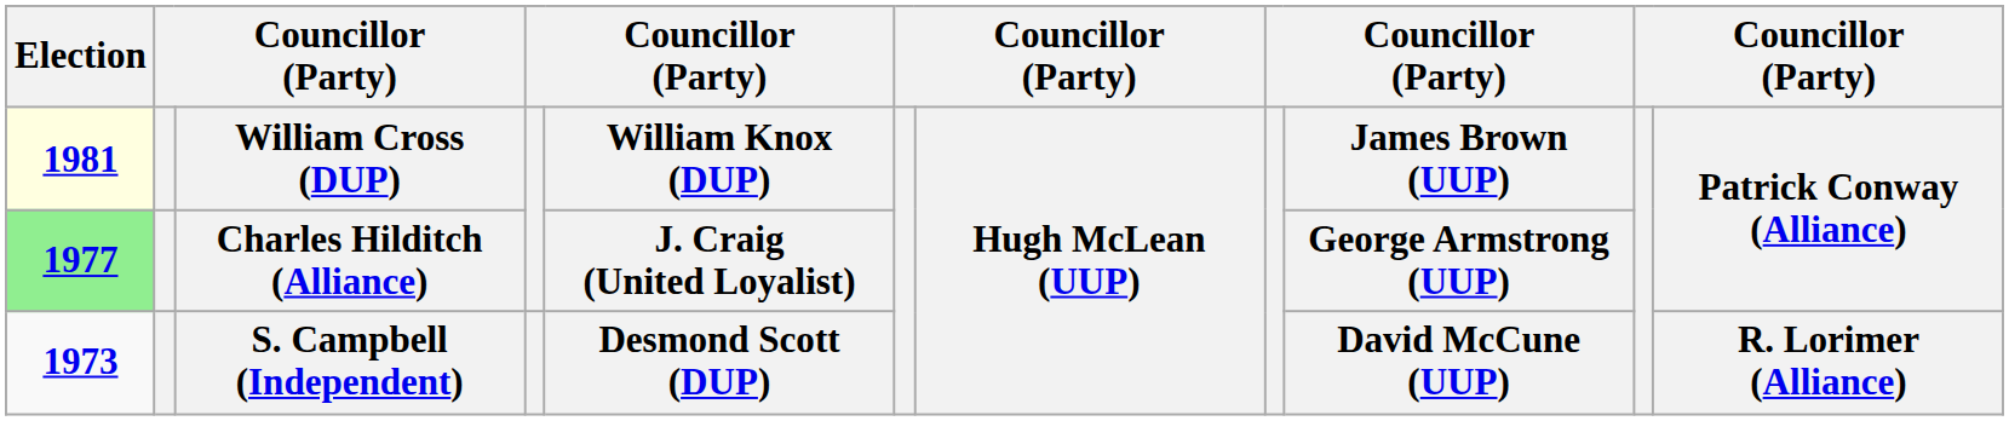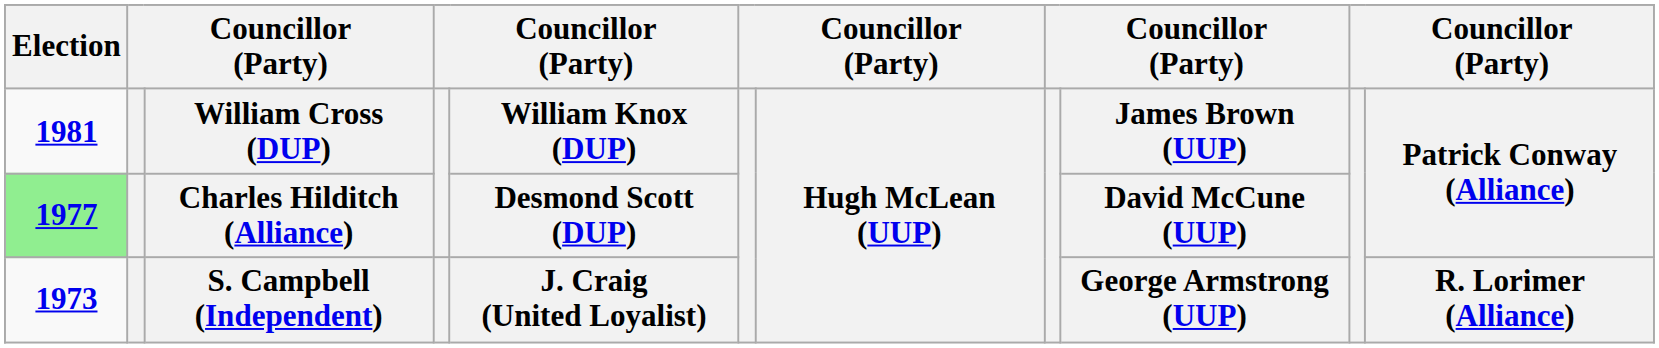 <table class="wikitable" style="text-align:center">
 <tr>
 <th scope="col" width="50">Election</th>
 <th scope="col" width="150" colspan = "2">Councillor<br> (Party)</th>
 <th scope="col" width="150" colspan = "2">Councillor<br> (Party)</th>
 <th scope="col" width="150" colspan = "2">Councillor<br> (Party)</th>
 <th scope="col" width="150" colspan = "2">Councillor<br> (Party)</th>
 <th scope="col" width="150" colspan = "2">Councillor<br> (Party)</th>
 </tr>
 <tr>
-<td style="background: lightyellow;"><strong><a href='#'>1981</a></strong></td>
+<td><strong><a href='#'>1981</a></strong></td>
 <th rowspan="1" width="1" style="background-color: "></th>
 <th rowspan = "1">William Cross <br> (<a href='#'>DUP</a>)</th>
 <th rowspan="2" width="1" style="background-color: "></th>
 <th rowspan = "1">William Knox <br> (<a href='#'>DUP</a>)</th>
 <th rowspan="3" width="1" style="background-color: "></th>
 <th rowspan = "3">Hugh McLean <br> (<a href='#'>UUP</a>)</th>
 <th rowspan="3" width="1" style="background-color: "></th>
 <th rowspan = "1">James Brown <br> (<a href='#'>UUP</a>)</th>
 <th rowspan="3" width="1" style="background-color: "></th>
 <th rowspan = "2">Patrick Conway <br> (<a href='#'>Alliance</a>)</th>
 </tr>
 <tr>
 <td style="background: lightgreen;"><strong><a href='#'>1977</a></strong></td>
 <th rowspan="1" width="1" style="background-color: "></th>
 <th rowspan = "1">Charles Hilditch <br> (<a href='#'>Alliance</a>)</th>
-<th rowspan = "1">J. Craig <br> (United Loyalist)</th>
-<th rowspan = "1">George Armstrong <br> (<a href='#'>UUP</a>)</th>
+<th rowspan = "1">Desmond Scott <br> (<a href='#'>DUP</a>)</th>
+<th rowspan = "1">David McCune <br> (<a href='#'>UUP</a>)</th>
 </tr>
 <tr>
 <td><strong><a href='#'>1973</a></strong></td>
 <th rowspan="1" width="1" style="background-color: "></th>
 <th rowspan = "1">S. Campbell <br> (<a href='#'>Independent</a>)</th>
 <th rowspan="1" width="1" style="background-color: "></th>
-<th rowspan = "1">Desmond Scott <br> (<a href='#'>DUP</a>)</th>
-<th rowspan = "1">David McCune <br> (<a href='#'>UUP</a>)</th>
+<th rowspan = "1">J. Craig <br> (United Loyalist)</th>
+<th rowspan = "1">George Armstrong <br> (<a href='#'>UUP</a>)</th>
 <th rowspan = "1">R. Lorimer <br> (<a href='#'>Alliance</a>)</th>
 </tr>
 </table>
